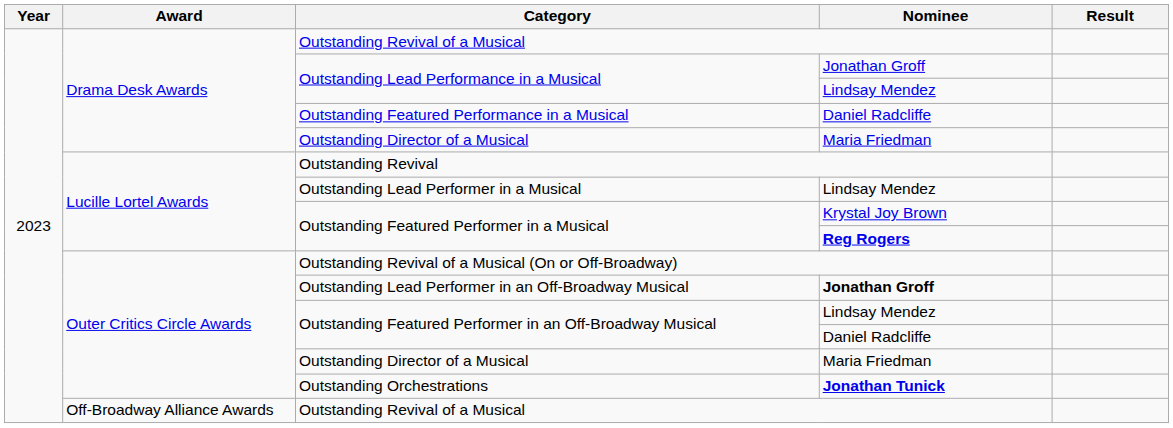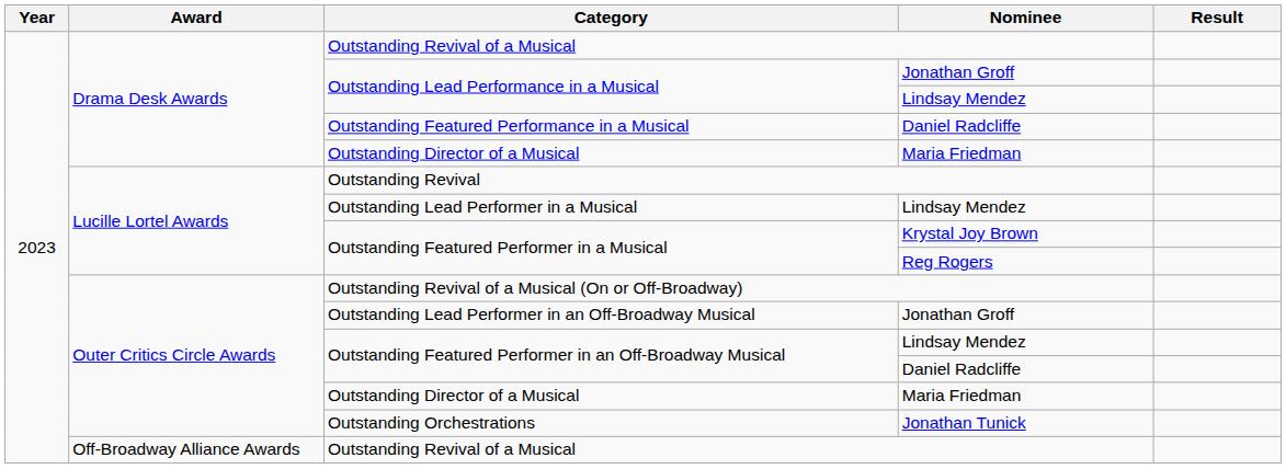 <table class="wikitable" width="95%">
 <tr>
 <th width="5%">Year</th>
 <th width="20%">Award</th>
 <th width="45%">Category</th>
 <th width="20%">Nominee</th>
 <th width="10%">Result</th>
 </tr>
 <tr>
 <td rowspan="16" align="center">2023</td>
 <td rowspan="5"><a href='#'>Drama Desk Awards</a></td>
 <td colspan="2"><a href='#'>Outstanding Revival of a Musical</a></td>
 <td></td>
 </tr>
 <tr>
 <td rowspan="2"><a href='#'>Outstanding Lead Performance in a Musical</a></td>
 <td><a href='#'>Jonathan Groff</a></td>
 <td></td>
 </tr>
 <tr>
 <td><a href='#'>Lindsay Mendez</a></td>
 <td></td>
 </tr>
 <tr>
 <td><a href='#'>Outstanding Featured Performance in a Musical</a></td>
 <td><a href='#'>Daniel Radcliffe</a></td>
 <td></td>
 </tr>
 <tr>
 <td><a href='#'>Outstanding Director of a Musical</a></td>
 <td><a href='#'>Maria Friedman</a></td>
 <td></td>
 </tr>
 <tr>
 <td rowspan="4"><a href='#'>Lucille Lortel Awards</a></td>
 <td colspan="2">Outstanding Revival</td>
 <td></td>
 </tr>
 <tr>
 <td>Outstanding Lead Performer in a Musical</td>
 <td>Lindsay Mendez</td>
 <td></td>
 </tr>
 <tr>
 <td rowspan="2">Outstanding Featured Performer in a Musical</td>
 <td><a href='#'>Krystal Joy Brown</a></td>
 <td></td>
 </tr>
 <tr>
-<td><strong><a href='#'>Reg Rogers</a></strong></td>
+<td><a href='#'>Reg Rogers</a></td>
 <td></td>
 </tr>
 <tr>
 <td rowspan="6"><a href='#'>Outer Critics Circle Awards</a></td>
 <td colspan="2">Outstanding Revival of a Musical (On or Off-Broadway)</td>
 <td></td>
 </tr>
 <tr>
 <td>Outstanding Lead Performer in an Off-Broadway Musical</td>
-<td><strong>Jonathan Groff</strong></td>
+<td>Jonathan Groff</td>
 <td></td>
 </tr>
 <tr>
 <td rowspan="2">Outstanding Featured Performer in an Off-Broadway Musical</td>
 <td>Lindsay Mendez</td>
 <td></td>
 </tr>
 <tr>
 <td>Daniel Radcliffe</td>
 <td></td>
 </tr>
 <tr>
 <td>Outstanding Director of a Musical</td>
 <td>Maria Friedman</td>
 <td></td>
 </tr>
 <tr>
 <td>Outstanding Orchestrations</td>
-<td><strong><a href='#'>Jonathan Tunick</a></strong></td>
+<td><a href='#'>Jonathan Tunick</a></td>
 <td></td>
 </tr>
 <tr>
 <td rowspan="1">Off-Broadway Alliance Awards</td>
 <td colspan="2">Outstanding Revival of a Musical</td>
 <td></td>
 </tr>
 </table>
